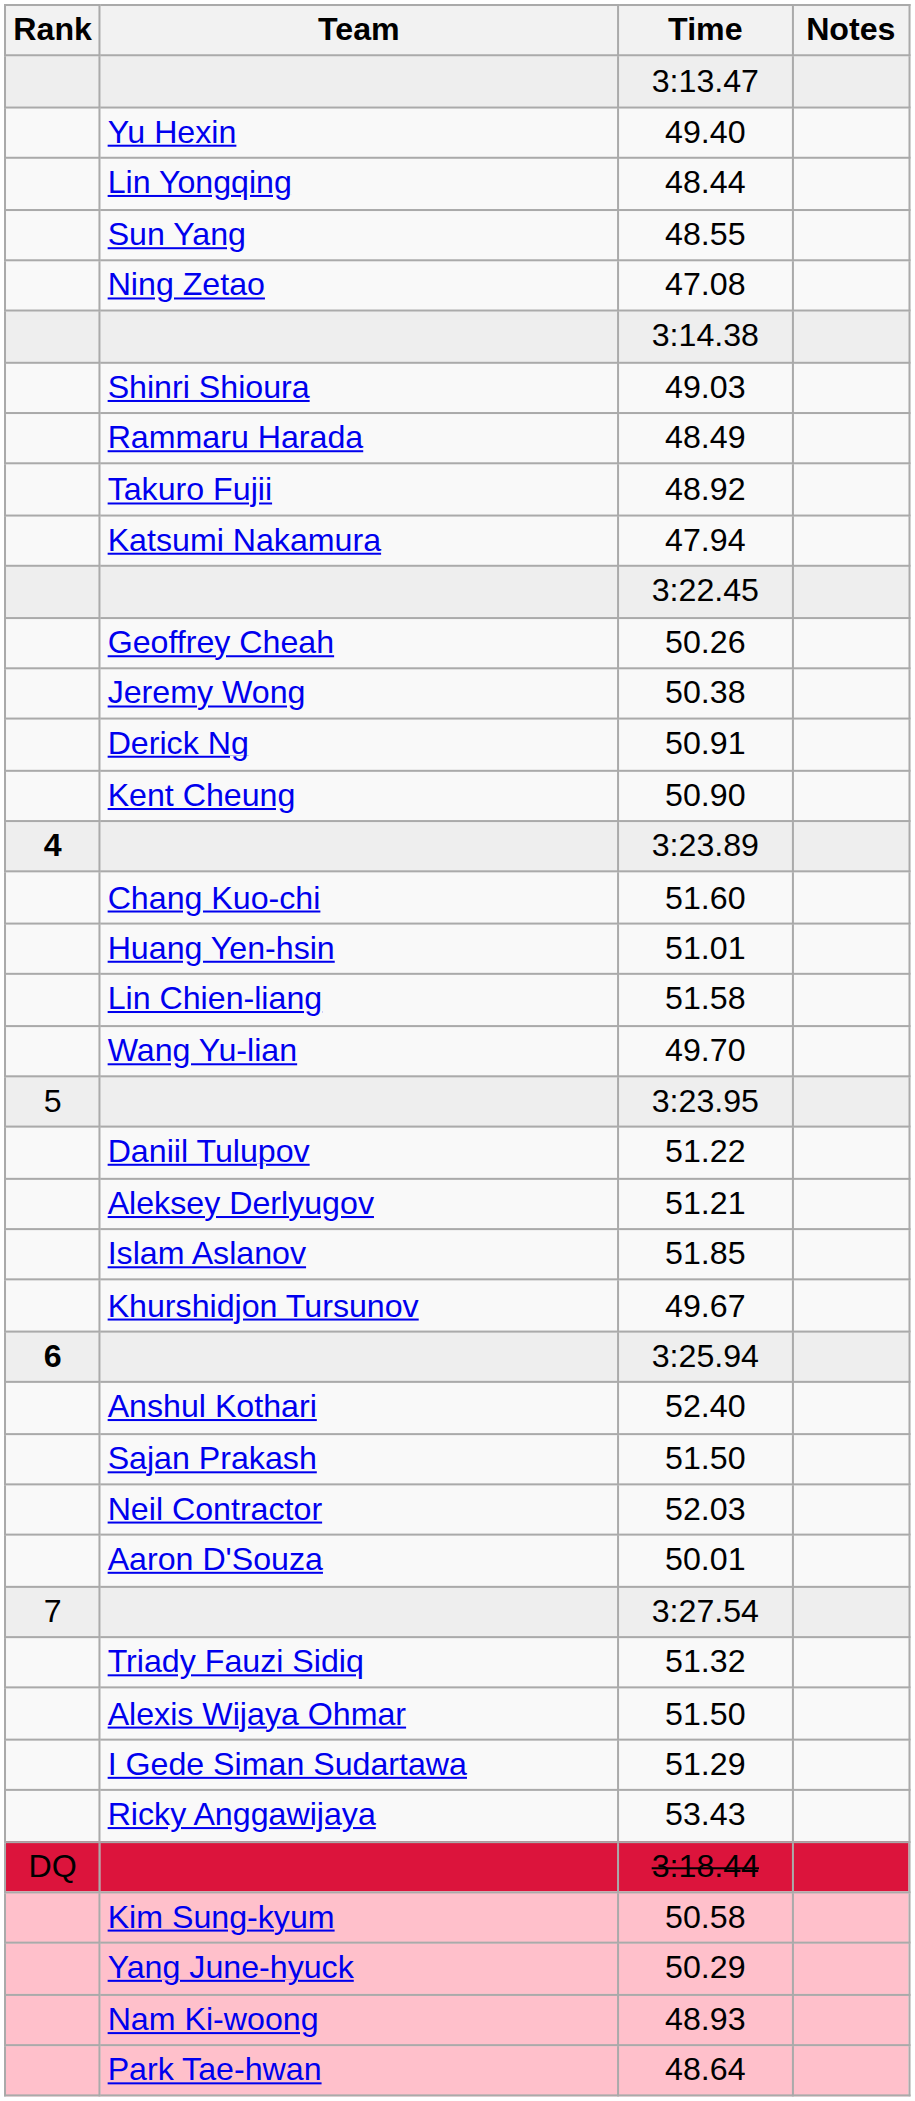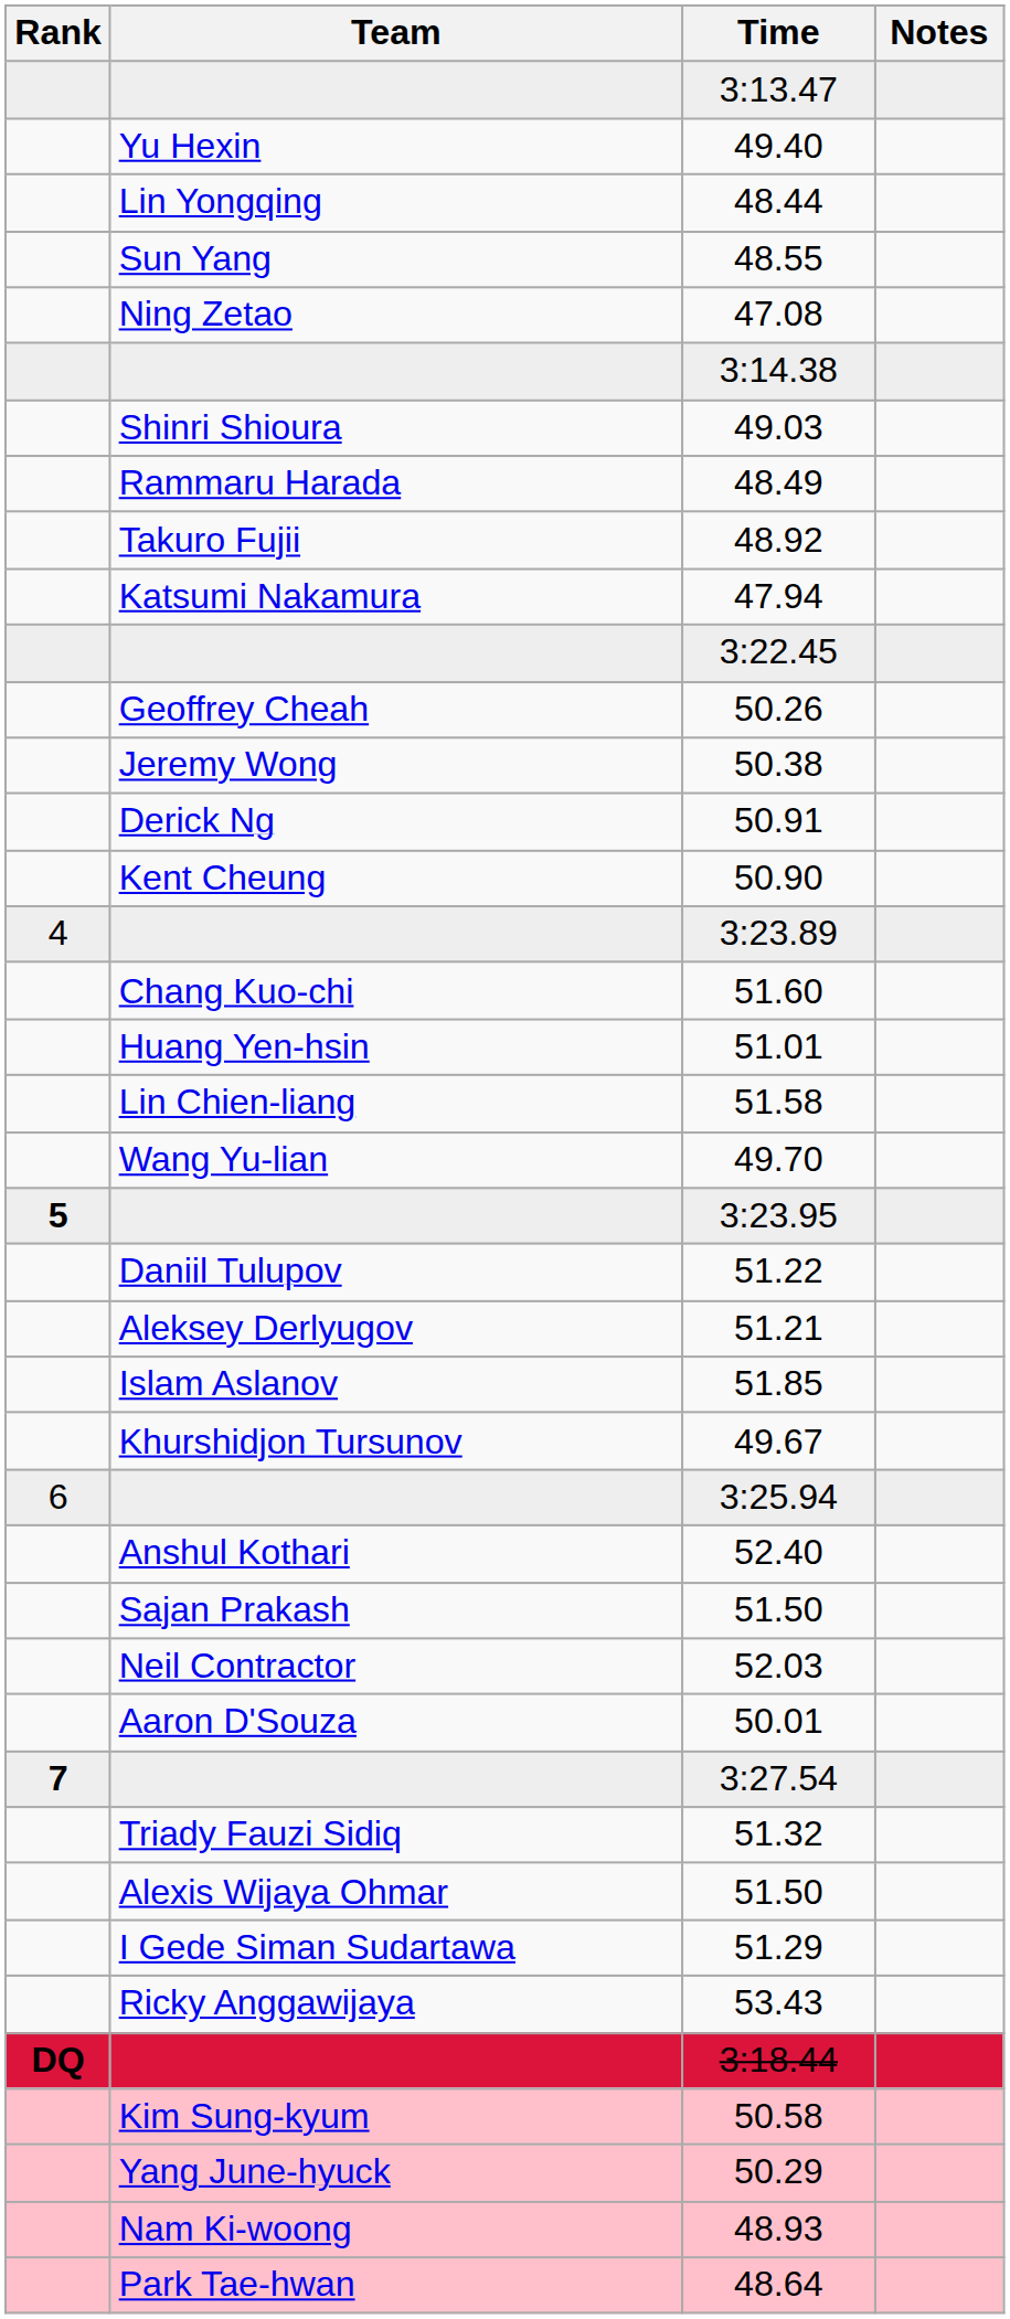 <table class="wikitable" style="text-align:center">
 <tr>
 <th width=40>Rank</th>
 <th width=250>Team</th>
 <th width=80>Time</th>
 <th width=50>Notes</th>
 </tr>
 <tr bgcolor=eeeeee>
 <td></td>
 <td align=left></td>
 <td>3:13.47</td>
 <td></td>
 </tr>
 <tr>
 <td></td>
 <td align=left><a href='#'>Yu Hexin</a></td>
 <td>49.40</td>
 <td></td>
 </tr>
 <tr>
 <td></td>
 <td align=left><a href='#'>Lin Yongqing</a></td>
 <td>48.44</td>
 <td></td>
 </tr>
 <tr>
 <td></td>
 <td align=left><a href='#'>Sun Yang</a></td>
 <td>48.55</td>
 <td></td>
 </tr>
 <tr>
 <td></td>
 <td align=left><a href='#'>Ning Zetao</a></td>
 <td>47.08</td>
 <td></td>
 </tr>
 <tr bgcolor=eeeeee>
 <td></td>
 <td align=left></td>
 <td>3:14.38</td>
 <td></td>
 </tr>
 <tr>
 <td></td>
 <td align=left><a href='#'>Shinri Shioura</a></td>
 <td>49.03</td>
 <td></td>
 </tr>
 <tr>
 <td></td>
 <td align=left><a href='#'>Rammaru Harada</a></td>
 <td>48.49</td>
 <td></td>
 </tr>
 <tr>
 <td></td>
 <td align=left><a href='#'>Takuro Fujii</a></td>
 <td>48.92</td>
 <td></td>
 </tr>
 <tr>
 <td></td>
 <td align=left><a href='#'>Katsumi Nakamura</a></td>
 <td>47.94</td>
 <td></td>
 </tr>
 <tr bgcolor=eeeeee>
 <td></td>
 <td align=left></td>
 <td>3:22.45</td>
 <td></td>
 </tr>
 <tr>
 <td></td>
 <td align=left><a href='#'>Geoffrey Cheah</a></td>
 <td>50.26</td>
 <td></td>
 </tr>
 <tr>
 <td></td>
 <td align=left><a href='#'>Jeremy Wong</a></td>
 <td>50.38</td>
 <td></td>
 </tr>
 <tr>
 <td></td>
 <td align=left><a href='#'>Derick Ng</a></td>
 <td>50.91</td>
 <td></td>
 </tr>
 <tr>
 <td></td>
 <td align=left><a href='#'>Kent Cheung</a></td>
 <td>50.90</td>
 <td></td>
 </tr>
 <tr bgcolor=eeeeee>
-<td><strong>4</strong></td>
+<td>4</td>
 <td align=left></td>
 <td>3:23.89</td>
 <td></td>
 </tr>
 <tr>
 <td></td>
 <td align=left><a href='#'>Chang Kuo-chi</a></td>
 <td>51.60</td>
 <td></td>
 </tr>
 <tr>
 <td></td>
 <td align=left><a href='#'>Huang Yen-hsin</a></td>
 <td>51.01</td>
 <td></td>
 </tr>
 <tr>
 <td></td>
 <td align=left><a href='#'>Lin Chien-liang</a></td>
 <td>51.58</td>
 <td></td>
 </tr>
 <tr>
 <td></td>
 <td align=left><a href='#'>Wang Yu-lian</a></td>
 <td>49.70</td>
 <td></td>
 </tr>
 <tr bgcolor=eeeeee>
-<td>5</td>
+<td><strong>5</strong></td>
 <td align=left></td>
 <td>3:23.95</td>
 <td></td>
 </tr>
 <tr>
 <td></td>
 <td align=left><a href='#'>Daniil Tulupov</a></td>
 <td>51.22</td>
 <td></td>
 </tr>
 <tr>
 <td></td>
 <td align=left><a href='#'>Aleksey Derlyugov</a></td>
 <td>51.21</td>
 <td></td>
 </tr>
 <tr>
 <td></td>
 <td align=left><a href='#'>Islam Aslanov</a></td>
 <td>51.85</td>
 <td></td>
 </tr>
 <tr>
 <td></td>
 <td align=left><a href='#'>Khurshidjon Tursunov</a></td>
 <td>49.67</td>
 <td></td>
 </tr>
 <tr bgcolor=eeeeee>
-<td><strong>6</strong></td>
+<td>6</td>
 <td align=left></td>
 <td>3:25.94</td>
 <td></td>
 </tr>
 <tr>
 <td></td>
 <td align=left><a href='#'>Anshul Kothari</a></td>
 <td>52.40</td>
 <td></td>
 </tr>
 <tr>
 <td></td>
 <td align=left><a href='#'>Sajan Prakash</a></td>
 <td>51.50</td>
 <td></td>
 </tr>
 <tr>
 <td></td>
 <td align=left><a href='#'>Neil Contractor</a></td>
 <td>52.03</td>
 <td></td>
 </tr>
 <tr>
 <td></td>
 <td align=left><a href='#'>Aaron D'Souza</a></td>
 <td>50.01</td>
 <td></td>
 </tr>
 <tr bgcolor=eeeeee>
-<td>7</td>
+<td><strong>7</strong></td>
 <td align=left></td>
 <td>3:27.54</td>
 <td></td>
 </tr>
 <tr>
 <td></td>
 <td align=left><a href='#'>Triady Fauzi Sidiq</a></td>
 <td>51.32</td>
 <td></td>
 </tr>
 <tr>
 <td></td>
 <td align=left><a href='#'>Alexis Wijaya Ohmar</a></td>
 <td>51.50</td>
 <td></td>
 </tr>
 <tr>
 <td></td>
 <td align=left><a href='#'>I Gede Siman Sudartawa</a></td>
 <td>51.29</td>
 <td></td>
 </tr>
 <tr>
 <td></td>
 <td align=left><a href='#'>Ricky Anggawijaya</a></td>
 <td>53.43</td>
 <td></td>
 </tr>
 <tr bgcolor=Crimson>
-<td>DQ</td>
+<td><strong>DQ</strong></td>
 <td align=left></td>
 <td><s>3:18.44</s></td>
 <td></td>
 </tr>
 <tr bgcolor=pink>
 <td></td>
 <td align=left><a href='#'>Kim Sung-kyum</a></td>
 <td>50.58</td>
 <td></td>
 </tr>
 <tr bgcolor=pink>
 <td></td>
 <td align=left><a href='#'>Yang June-hyuck</a></td>
 <td>50.29</td>
 <td></td>
 </tr>
 <tr bgcolor=pink>
 <td></td>
 <td align=left><a href='#'>Nam Ki-woong</a></td>
 <td>48.93</td>
 <td></td>
 </tr>
 <tr bgcolor=pink>
 <td></td>
 <td align=left><a href='#'>Park Tae-hwan</a></td>
 <td>48.64</td>
 <td></td>
 </tr>
 </table>
